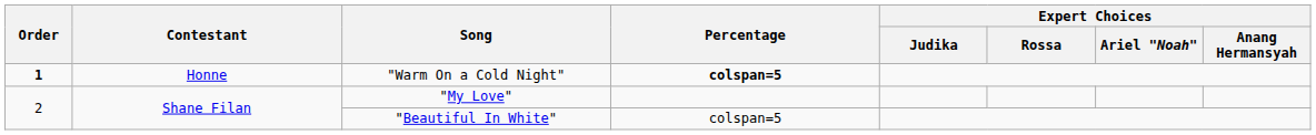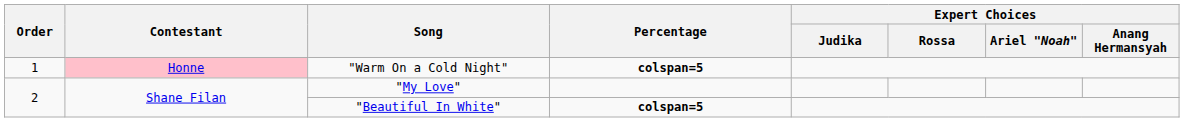 <table class="wikitable" style="text-align:center; width:100%;">
 <tr>
 <th scope="col" rowspan="2" style="width:05%;">Order</th>
 <th scope="col" rowspan="2" style="width:20%;">Contestant</th>
 <th scope="col" rowspan="2" style="width:20%;">Song</th>
 <th scope="col" rowspan="2" style="width:20%;">Percentage</th>
 <th scope="col" colspan="4" style="width:32%;">Expert Choices</th>
 </tr>
 <tr>
 <th style="width:08%;">Judika</th>
 <th style="width:08%;">Rossa</th>
 <th style="width:08%;">Ariel "<em>Noah</em>"</th>
 <th style="width:08%;">Anang Hermansyah</th>
 </tr>
 <tr>
-<td><strong>1</strong></td>
-<td><a href='#'>Honne</a></td>
+<td>1</td>
+<td style="background: pink;"><a href='#'>Honne</a></td>
 <td>"Warm On a Cold Night"</td>
 <td><strong>colspan=5 </strong></td>
 </tr>
 <tr>
 <td rowspan=2>2</td>
 <td rowspan=2><a href='#'>Shane Filan</a></td>
 <td>"<a href='#'>My Love</a>"</td>
 <td></td>
 <td></td>
 <td></td>
 <td></td>
 <td></td>
 </tr>
 <tr>
 <td>"<a href='#'>Beautiful In White</a>"</td>
-<td>colspan=5 </td>
+<td><strong>colspan=5 </strong></td>
 </tr>
 </table>
